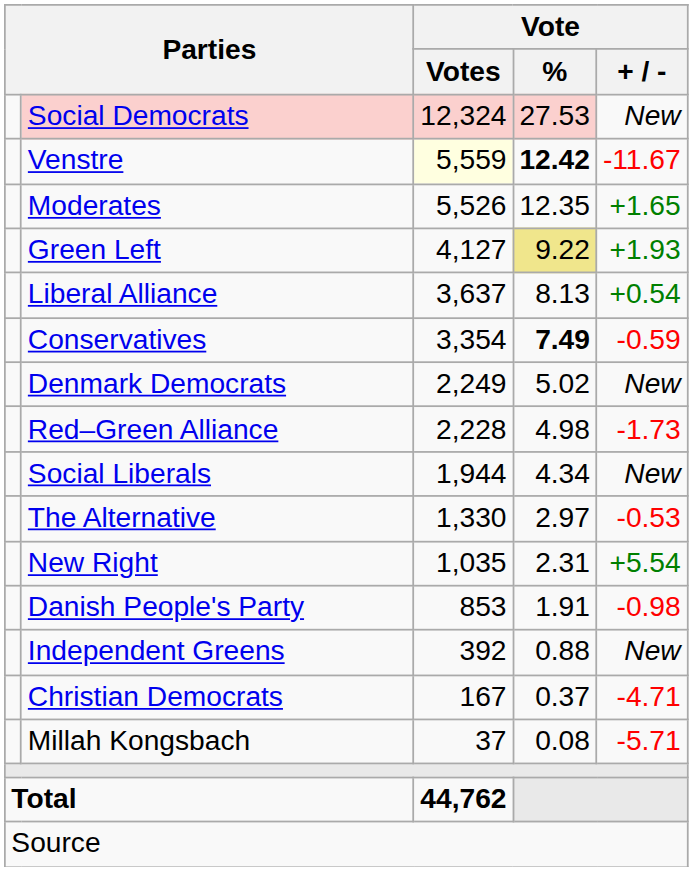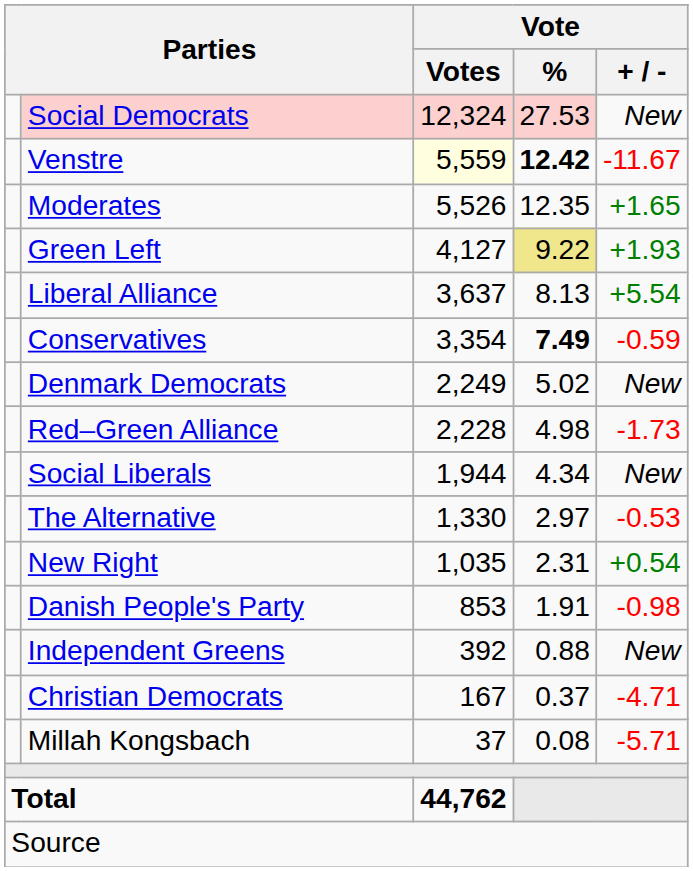 <table class="wikitable" style="text-align:right;">
 <tr>
 <th style="text-align:centre;" rowspan="2" colspan="2" width="225">Parties</th>
 <th colspan="3">Vote</th>
 </tr>
 <tr>
 <th width="15">Votes</th>
 <th width="15">%</th>
 <th width="15">+ / -</th>
 </tr>
 <tr>
 <td width="2" style="color:inherit;background:"></td>
 <td bgcolor=#fbd0ce  align="left"><a href='#'>Social Democrats</a></td>
 <td bgcolor=#fbd0ce>12,324</td>
 <td bgcolor=#fbd0ce>27.53</td>
 <td><em>New</em></td>
 </tr>
 <tr>
 <td width="2" style="color:inherit;background:"></td>
 <td align="left"><a href='#'>Venstre</a></td>
 <td style="background: lightyellow;">5,559</td>
 <td><strong>12.42</strong></td>
 <td style=color:red;>-11.67</td>
 </tr>
 <tr>
 <td width="2" style="color:inherit;background:"></td>
 <td align="left"><a href='#'>Moderates</a></td>
 <td>5,526</td>
 <td>12.35</td>
 <td style=color:green;>+1.65</td>
 </tr>
 <tr>
 <td width="2" style="color:inherit;background:"></td>
 <td align="left"><a href='#'>Green Left</a></td>
 <td>4,127</td>
 <td style="background: khaki;">9.22</td>
 <td style=color:green;>+1.93</td>
 </tr>
 <tr>
 <td width="2" style="color:inherit;background:"></td>
 <td align="left"><a href='#'>Liberal Alliance</a></td>
 <td>3,637</td>
 <td>8.13</td>
-<td style=color:green;>+0.54</td>
+<td style=color:green;>+5.54</td>
 </tr>
 <tr>
 <td width="2" style="color:inherit;background:"></td>
 <td align="left"><a href='#'>Conservatives</a></td>
 <td>3,354</td>
 <td><strong>7.49</strong></td>
 <td style=color:red;>-0.59</td>
 </tr>
 <tr>
 <td width="2" style="color:inherit;background:"></td>
 <td align="left"><a href='#'>Denmark Democrats</a></td>
 <td>2,249</td>
 <td>5.02</td>
 <td><em>New</em></td>
 </tr>
 <tr>
 <td width="2" style="color:inherit;background:"></td>
 <td align="left"><a href='#'>Red–Green Alliance</a></td>
 <td>2,228</td>
 <td>4.98</td>
 <td style=color:red;>-1.73</td>
 </tr>
 <tr>
 <td width="2" style="color:inherit;background:"></td>
 <td align="left"><a href='#'>Social Liberals</a></td>
 <td>1,944</td>
 <td>4.34</td>
 <td><em>New</em></td>
 </tr>
 <tr>
 <td width="2" style="color:inherit;background:"></td>
 <td align="left"><a href='#'>The Alternative</a></td>
 <td>1,330</td>
 <td>2.97</td>
 <td style=color:red;>-0.53</td>
 </tr>
 <tr>
 <td width="2" style="color:inherit;background:"></td>
 <td align="left"><a href='#'>New Right</a></td>
 <td>1,035</td>
 <td>2.31</td>
-<td style=color:green;>+5.54</td>
+<td style=color:green;>+0.54</td>
 </tr>
 <tr>
 <td width="2" style="color:inherit;background:"></td>
 <td align="left"><a href='#'>Danish People's Party</a></td>
 <td>853</td>
 <td>1.91</td>
 <td style=color:red;>-0.98</td>
 </tr>
 <tr>
 <td width="2" style="color:inherit;background:"></td>
 <td align="left"><a href='#'>Independent Greens</a></td>
 <td>392</td>
 <td>0.88</td>
 <td><em>New</em></td>
 </tr>
 <tr>
 <td width="2" style="color:inherit;background:"></td>
 <td align="left"><a href='#'>Christian Democrats</a></td>
 <td>167</td>
 <td>0.37</td>
 <td style=color:red;>-4.71</td>
 </tr>
 <tr>
 <td width="2" style="color:inherit;background:"></td>
 <td align="left">Millah Kongsbach</td>
 <td>37</td>
 <td>0.08</td>
 <td style=color:red;>-5.71</td>
 </tr>
 <tr>
 <td colspan="7" bgcolor="#E9E9E9"></td>
 </tr>
 <tr>
 <td align="left" colspan="2"><strong>Total</strong></td>
 <td><strong>44,762</strong></td>
 <td bgcolor="#E9E9E9" colspan="2"></td>
 </tr>
 <tr>
 <td align="left" colspan="6">Source</td>
 </tr>
 </table>
